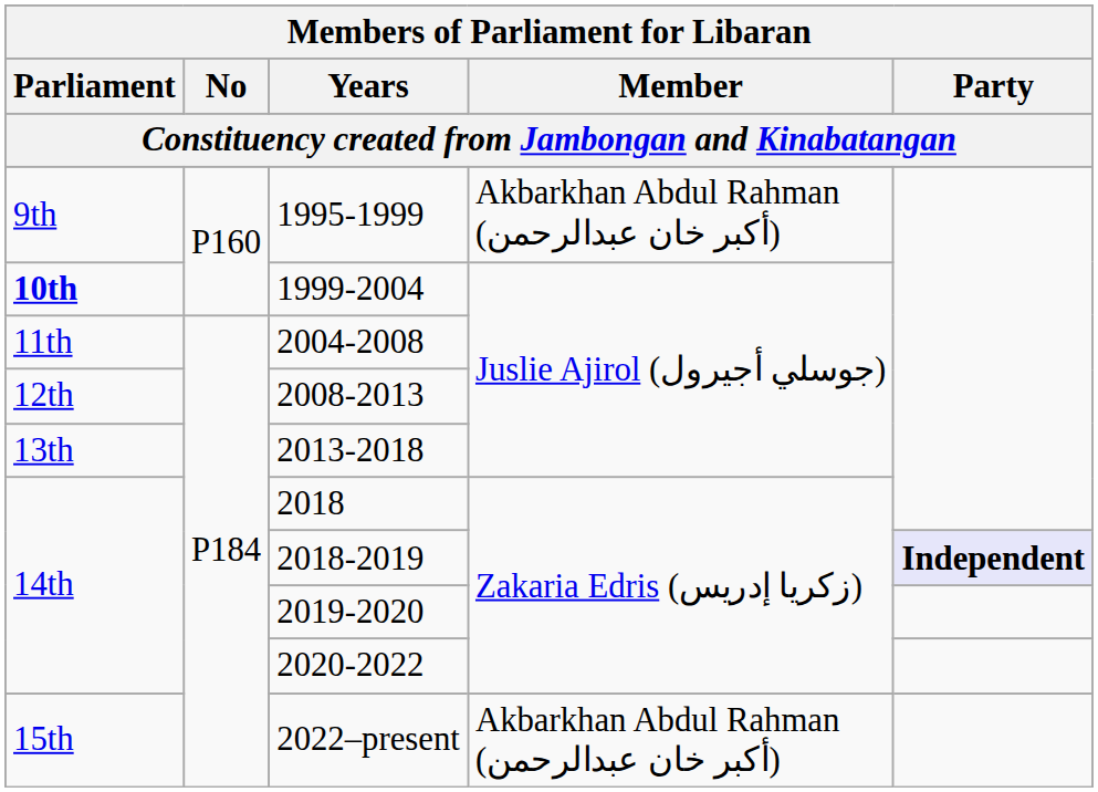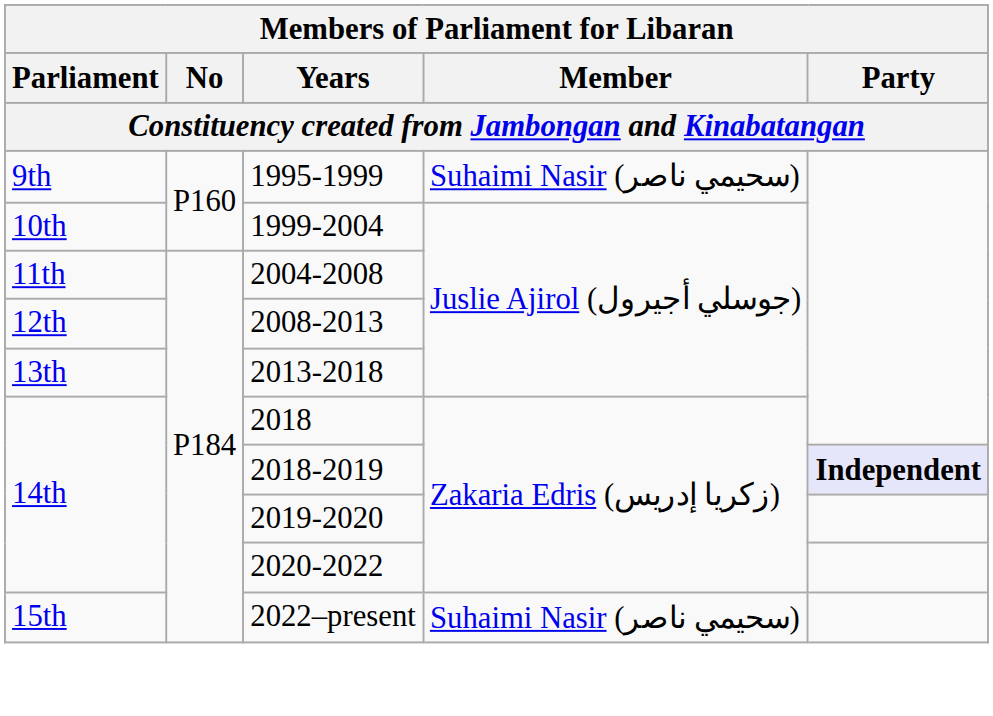 <table class=wikitable>
 <tr>
 <th colspan="5">Members of Parliament for Libaran</th>
 </tr>
 <tr>
 <th>Parliament</th>
 <th>No</th>
 <th>Years</th>
 <th>Member</th>
 <th>Party</th>
 </tr>
 <tr>
 <th colspan="5" align="center"><em>Constituency created from <a href='#'>Jambongan</a> and <a href='#'>Kinabatangan</a></em></th>
 </tr>
 <tr>
 <td><a href='#'>9th</a></td>
 <td rowspan="2">P160</td>
 <td>1995-1999</td>
-<td>Akbarkhan Abdul Rahman <br> (أكبر خان عبدالرحمن)</td>
+<td><a href='#'>Suhaimi Nasir</a>  (سحيمي ناصر)</td>
 <td rowspan="6"></td>
 </tr>
 <tr>
-<td><strong><a href='#'>10th</a></strong></td>
+<td><a href='#'>10th</a></td>
 <td>1999-2004</td>
 <td rowspan=4><a href='#'>Juslie Ajirol</a> (جوسلي أجيرول)</td>
 </tr>
 <tr>
 <td><a href='#'>11th</a></td>
 <td rowspan="8">P184</td>
 <td>2004-2008</td>
 </tr>
 <tr>
 <td><a href='#'>12th</a></td>
 <td>2008-2013</td>
 </tr>
 <tr>
 <td><a href='#'>13th</a></td>
 <td>2013-2018</td>
 </tr>
 <tr>
 <td rowspan="4"><a href='#'>14th</a></td>
 <td>2018</td>
 <td rowspan="4"><a href='#'>Zakaria Edris</a> (زكريا إدريس)</td>
 </tr>
 <tr>
 <td>2018-2019</td>
 <td style="background: lavender;"><strong>Independent</strong></td>
 </tr>
 <tr>
 <td>2019-2020</td>
 <td></td>
 </tr>
 <tr>
 <td>2020-2022</td>
 <td></td>
 </tr>
 <tr>
 <td><a href='#'>15th</a></td>
 <td>2022–present</td>
-<td>Akbarkhan Abdul Rahman <br> (أكبر خان عبدالرحمن)</td>
+<td><a href='#'>Suhaimi Nasir</a>  (سحيمي ناصر)</td>
 <td></td>
 </tr>
 </table>
